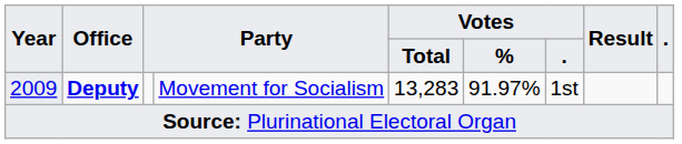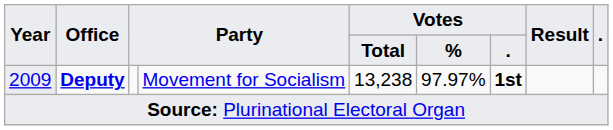 <table class="wikitable" style="font-size:90%; text-align:center;">
 <tr>
 <th style="background-color:#EAECF0;" rowspan=2>Year</th>
 <th style="background-color:#EAECF0;" rowspan=2>Office</th>
 <th style="background-color:#EAECF0;" colspan=2 rowspan=2>Party</th>
 <th style="background-color:#EAECF0;" colspan=3>Votes</th>
 <th style="background-color:#EAECF0;" rowspan=2>Result</th>
 <th style="background-color:#EAECF0;" rowspan=2>.</th>
 </tr>
 <tr>
 <th style="background-color:#EAECF0;">Total</th>
 <th style="background-color:#EAECF0;">%</th>
 <th style="background-color:#EAECF0;">.</th>
 </tr>
 <tr>
 <td style="background-color:#EAECF0;"><a href='#'>2009</a></td>
 <td><strong><a href='#'>Deputy</a></strong></td>
 <td style="background-color:"></td>
 <td><a href='#'>Movement for Socialism</a></td>
-<td>13,283</td>
-<td>91.97%</td>
-<td>1st</td>
+<td>13,238</td>
+<td>97.97%</td>
+<td><strong>1st</strong></td>
 <td></td>
 <td></td>
 </tr>
 <tr>
 <td style="background-color:#EAECF0;" colspan=9><strong>Source:</strong> <a href='#'>Plurinational Electoral Organ</a>  </td>
 </tr>
 </table>
